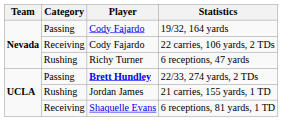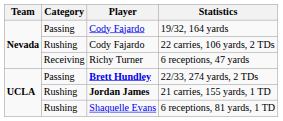 <table class="wikitable" style="float: left;">
 <tr>
 <th>Team</th>
 <th>Category</th>
 <th>Player</th>
 <th>Statistics</th>
 </tr>
 <tr>
 <td rowspan=3><strong>Nevada</strong></td>
 <td>Passing</td>
 <td><a href='#'>Cody Fajardo</a></td>
 <td>19/32, 164 yards</td>
 </tr>
 <tr>
-<td>Receiving</td>
+<td>Rushing</td>
 <td>Cody Fajardo</td>
 <td>22 carries, 106 yards, 2 TDs</td>
 </tr>
 <tr>
-<td>Rushing</td>
+<td>Receiving</td>
 <td>Richy Turner</td>
 <td>6 receptions, 47 yards</td>
 </tr>
 <tr>
 <td rowspan=3><strong>UCLA</strong></td>
 <td>Passing</td>
 <td><strong><a href='#'>Brett Hundley</a></strong></td>
 <td>22/33, 274 yards, 2 TDs</td>
 </tr>
 <tr>
 <td>Rushing</td>
-<td>Jordan James</td>
+<td><strong>Jordan James</strong></td>
 <td>21 carries, 155 yards, 1 TD</td>
 </tr>
 <tr>
-<td>Receiving</td>
+<td>Rushing</td>
 <td><a href='#'>Shaquelle Evans</a></td>
 <td>6 receptions, 81 yards, 1 TD</td>
 </tr>
 </table>
